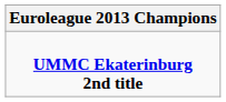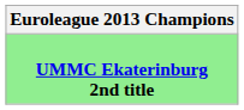 <table class=wikitable style="text-align:center; margin:auto">
 <tr>
 <th>Euroleague 2013 Champions</th>
 </tr>
 <tr>
-<td><br> <strong><a href='#'>UMMC Ekaterinburg</a></strong> <br> <strong>2nd title</strong></td>
+<td style="background: lightgreen;"><br> <strong><a href='#'>UMMC Ekaterinburg</a></strong> <br> <strong>2nd title</strong></td>
 </tr>
 </table>
